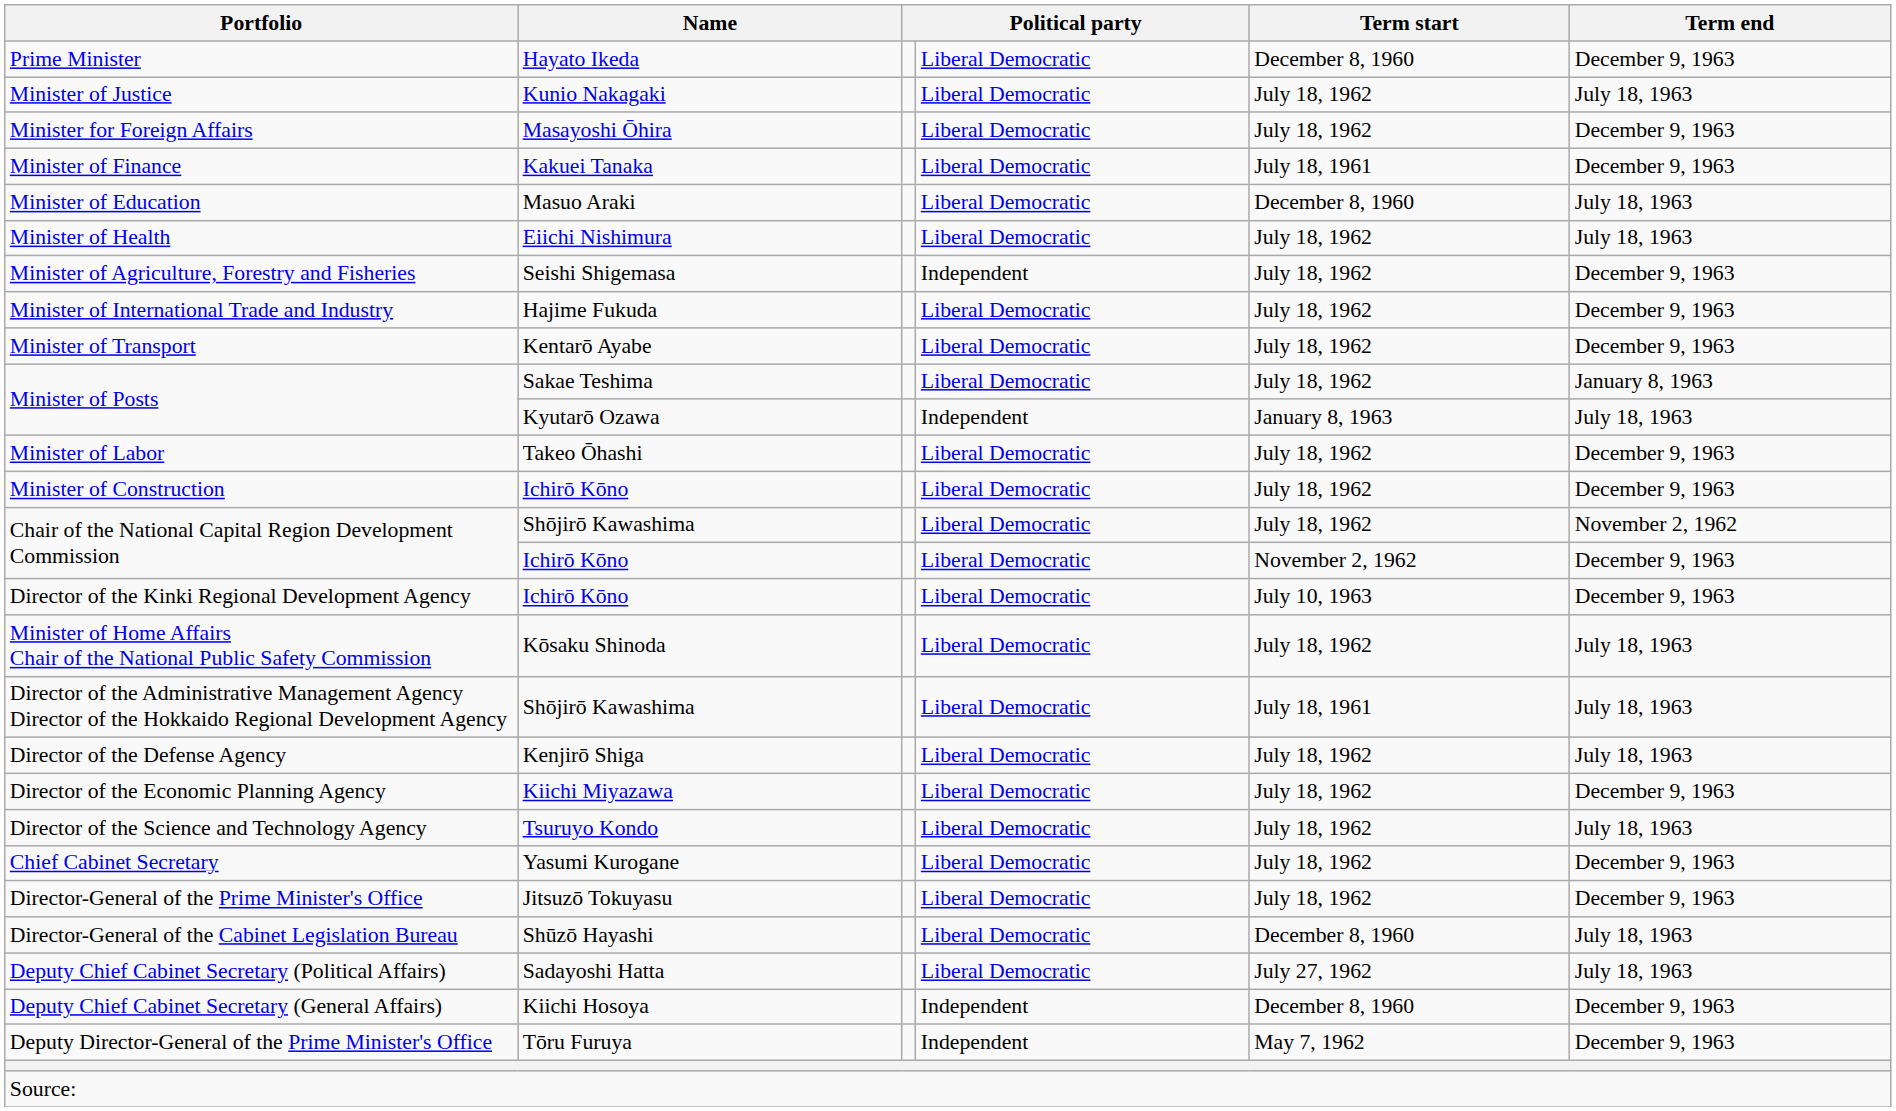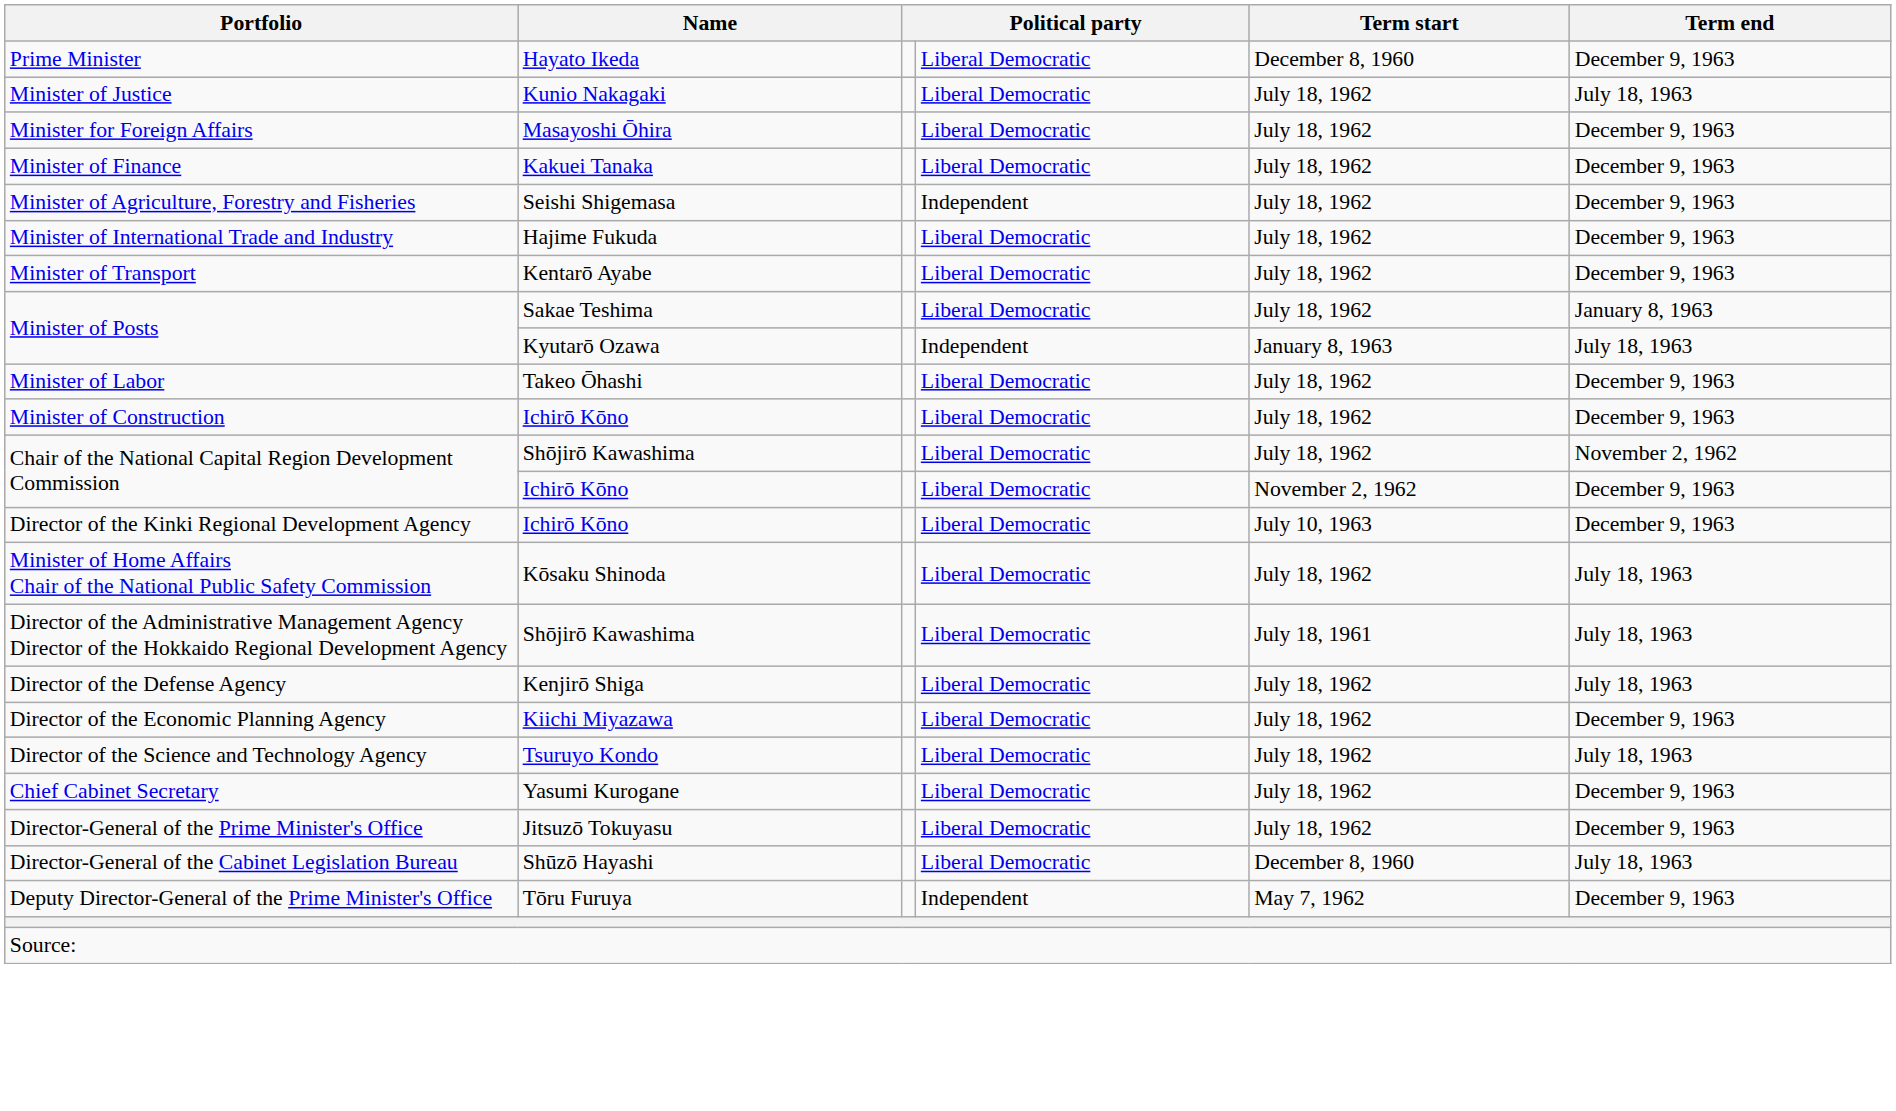 <table class="wikitable unsortable" style="font-size: 90%;">
 <tr>
 <th scope="col" width="20%">Portfolio</th>
 <th scope="col" width="15%">Name</th>
 <th colspan="2" scope="col" width="13.5%">Political party</th>
 <th scope="col" width="12.5%">Term start</th>
 <th scope="col" width="12.5%">Term end</th>
 </tr>
 <tr>
 <td style="text-align: left;"><a href='#'>Prime Minister</a></td>
 <td><a href='#'>Hayato Ikeda</a></td>
 <td width="0.5%" style="background:"></td>
 <td><a href='#'>Liberal Democratic</a></td>
 <td>December 8, 1960</td>
 <td>December 9, 1963</td>
 </tr>
 <tr>
 <td><a href='#'>Minister of Justice</a></td>
 <td><a href='#'>Kunio Nakagaki</a></td>
 <td style="color:inherit;background:"></td>
 <td><a href='#'>Liberal Democratic</a></td>
 <td>July 18, 1962</td>
 <td>July 18, 1963</td>
 </tr>
 <tr>
 <td><a href='#'>Minister for Foreign Affairs</a></td>
 <td><a href='#'>Masayoshi Ōhira</a></td>
 <td style="color:inherit;background:"></td>
 <td><a href='#'>Liberal Democratic</a></td>
 <td>July 18, 1962</td>
 <td>December 9, 1963</td>
 </tr>
 <tr>
 <td><a href='#'>Minister of Finance</a></td>
 <td><a href='#'>Kakuei Tanaka</a></td>
 <td style="color:inherit;background:"></td>
 <td><a href='#'>Liberal Democratic</a></td>
-<td>July 18, 1961</td>
+<td>July 18, 1962</td>
 <td>December 9, 1963</td>
-</tr>
-<tr>
-<td><a href='#'>Minister of Education</a></td>
-<td>Masuo Araki</td>
-<td style="color:inherit;background:"></td>
-<td><a href='#'>Liberal Democratic</a></td>
-<td>December 8, 1960</td>
-<td>July 18, 1963</td>
-</tr>
-<tr>
-<td><a href='#'>Minister of Health</a></td>
-<td><a href='#'>Eiichi Nishimura</a></td>
-<td style="color:inherit;background:"></td>
-<td><a href='#'>Liberal Democratic</a></td>
-<td>July 18, 1962</td>
-<td>July 18, 1963</td>
 </tr>
 <tr>
 <td><a href='#'>Minister of Agriculture, Forestry and Fisheries</a></td>
 <td>Seishi Shigemasa</td>
 <td style="color:inherit;background:"></td>
 <td>Independent</td>
 <td>July 18, 1962</td>
 <td>December 9, 1963</td>
 </tr>
 <tr>
 <td><a href='#'>Minister of International Trade and Industry</a></td>
 <td>Hajime Fukuda</td>
 <td style="color:inherit;background:"></td>
 <td><a href='#'>Liberal Democratic</a></td>
 <td>July 18, 1962</td>
 <td>December 9, 1963</td>
 </tr>
 <tr>
 <td><a href='#'>Minister of Transport</a></td>
 <td>Kentarō Ayabe</td>
 <td style="color:inherit;background:"></td>
 <td><a href='#'>Liberal Democratic</a></td>
 <td>July 18, 1962</td>
 <td>December 9, 1963</td>
 </tr>
 <tr>
 <td rowspan="2"><a href='#'>Minister of Posts</a></td>
 <td>Sakae Teshima</td>
 <td style="color:inherit;background:"></td>
 <td><a href='#'>Liberal Democratic</a></td>
 <td>July 18, 1962</td>
 <td>January 8, 1963</td>
 </tr>
 <tr>
 <td>Kyutarō Ozawa</td>
 <td style="color:inherit;background:"></td>
 <td>Independent</td>
 <td>January 8, 1963</td>
 <td>July 18, 1963</td>
 </tr>
 <tr>
 <td><a href='#'>Minister of Labor</a></td>
 <td>Takeo Ōhashi</td>
 <td style="color:inherit;background:"></td>
 <td><a href='#'>Liberal Democratic</a></td>
 <td>July 18, 1962</td>
 <td>December 9, 1963</td>
 </tr>
 <tr>
 <td><a href='#'>Minister of Construction</a></td>
 <td><a href='#'>Ichirō Kōno</a></td>
 <td style="color:inherit;background:"></td>
 <td><a href='#'>Liberal Democratic</a></td>
 <td>July 18, 1962</td>
 <td>December 9, 1963</td>
 </tr>
 <tr>
 <td rowspan="2">Chair of the National Capital Region Development Commission</td>
 <td>Shōjirō Kawashima</td>
 <td style="color:inherit;background:"></td>
 <td><a href='#'>Liberal Democratic</a></td>
 <td>July 18, 1962</td>
 <td>November 2, 1962</td>
 </tr>
 <tr>
 <td><a href='#'>Ichirō Kōno</a></td>
 <td style="color:inherit;background:"></td>
 <td><a href='#'>Liberal Democratic</a></td>
 <td>November 2, 1962</td>
 <td>December 9, 1963</td>
 </tr>
 <tr>
 <td>Director of the Kinki Regional Development Agency</td>
 <td><a href='#'>Ichirō Kōno</a></td>
 <td style="color:inherit;background:"></td>
 <td><a href='#'>Liberal Democratic</a></td>
 <td>July 10, 1963</td>
 <td>December 9, 1963</td>
 </tr>
 <tr>
 <td><a href='#'>Minister of Home Affairs</a><br><a href='#'>Chair of the National Public Safety Commission</a></td>
 <td>Kōsaku Shinoda</td>
 <td style="color:inherit;background:"></td>
 <td><a href='#'>Liberal Democratic</a></td>
 <td>July 18, 1962</td>
 <td>July 18, 1963</td>
 </tr>
 <tr>
 <td>Director of the Administrative Management Agency<br>Director of the Hokkaido Regional Development Agency</td>
 <td>Shōjirō Kawashima</td>
 <td style="color:inherit;background:"></td>
 <td><a href='#'>Liberal Democratic</a></td>
 <td>July 18, 1961</td>
 <td>July 18, 1963</td>
 </tr>
 <tr>
 <td>Director of the Defense Agency</td>
 <td>Kenjirō Shiga</td>
 <td style="color:inherit;background:"></td>
 <td><a href='#'>Liberal Democratic</a></td>
 <td>July 18, 1962</td>
 <td>July 18, 1963</td>
 </tr>
 <tr>
 <td>Director of the Economic Planning Agency</td>
 <td><a href='#'>Kiichi Miyazawa</a></td>
 <td style="color:inherit;background:"></td>
 <td><a href='#'>Liberal Democratic</a></td>
 <td>July 18, 1962</td>
 <td>December 9, 1963</td>
 </tr>
 <tr>
 <td>Director of the Science and Technology Agency</td>
 <td><a href='#'>Tsuruyo Kondo</a></td>
 <td style="color:inherit;background:"></td>
 <td><a href='#'>Liberal Democratic</a></td>
 <td>July 18, 1962</td>
 <td>July 18, 1963</td>
 </tr>
 <tr>
 <td><a href='#'>Chief Cabinet Secretary</a></td>
 <td>Yasumi Kurogane</td>
 <td style="color:inherit;background:"></td>
 <td><a href='#'>Liberal Democratic</a></td>
 <td>July 18, 1962</td>
 <td>December 9, 1963</td>
 </tr>
 <tr>
 <td>Director-General of the <a href='#'>Prime Minister's Office</a></td>
 <td>Jitsuzō Tokuyasu</td>
 <td style="color:inherit;background:"></td>
 <td><a href='#'>Liberal Democratic</a></td>
 <td>July 18, 1962</td>
 <td>December 9, 1963</td>
 </tr>
 <tr>
 <td>Director-General of the <a href='#'>Cabinet Legislation Bureau</a></td>
 <td>Shūzō Hayashi</td>
 <td style="color:inherit;background:"></td>
 <td><a href='#'>Liberal Democratic</a></td>
 <td>December 8, 1960</td>
 <td>July 18, 1963</td>
 </tr>
 <tr>
-<td><a href='#'>Deputy Chief Cabinet Secretary</a> (Political Affairs)</td>
-<td>Sadayoshi Hatta</td>
-<td style="color:inherit;background:"></td>
-<td><a href='#'>Liberal Democratic</a></td>
-<td>July 27, 1962</td>
-<td>July 18, 1963</td>
-</tr>
-<tr>
-<td><a href='#'>Deputy Chief Cabinet Secretary</a> (General Affairs)</td>
-<td>Kiichi Hosoya</td>
-<td style="color:inherit;background:"></td>
-<td>Independent</td>
-<td>December 8, 1960</td>
-<td>December 9, 1963</td>
-</tr>
-<tr>
 <td>Deputy Director-General of the <a href='#'>Prime Minister's Office</a></td>
 <td>Tōru Furuya</td>
 <td style="color:inherit;background:"></td>
 <td>Independent</td>
 <td>May 7, 1962</td>
 <td>December 9, 1963</td>
 </tr>
 <tr>
 <th colspan="6"></th>
 </tr>
 <tr>
 <td colspan="6">Source:</td>
 </tr>
 </table>
